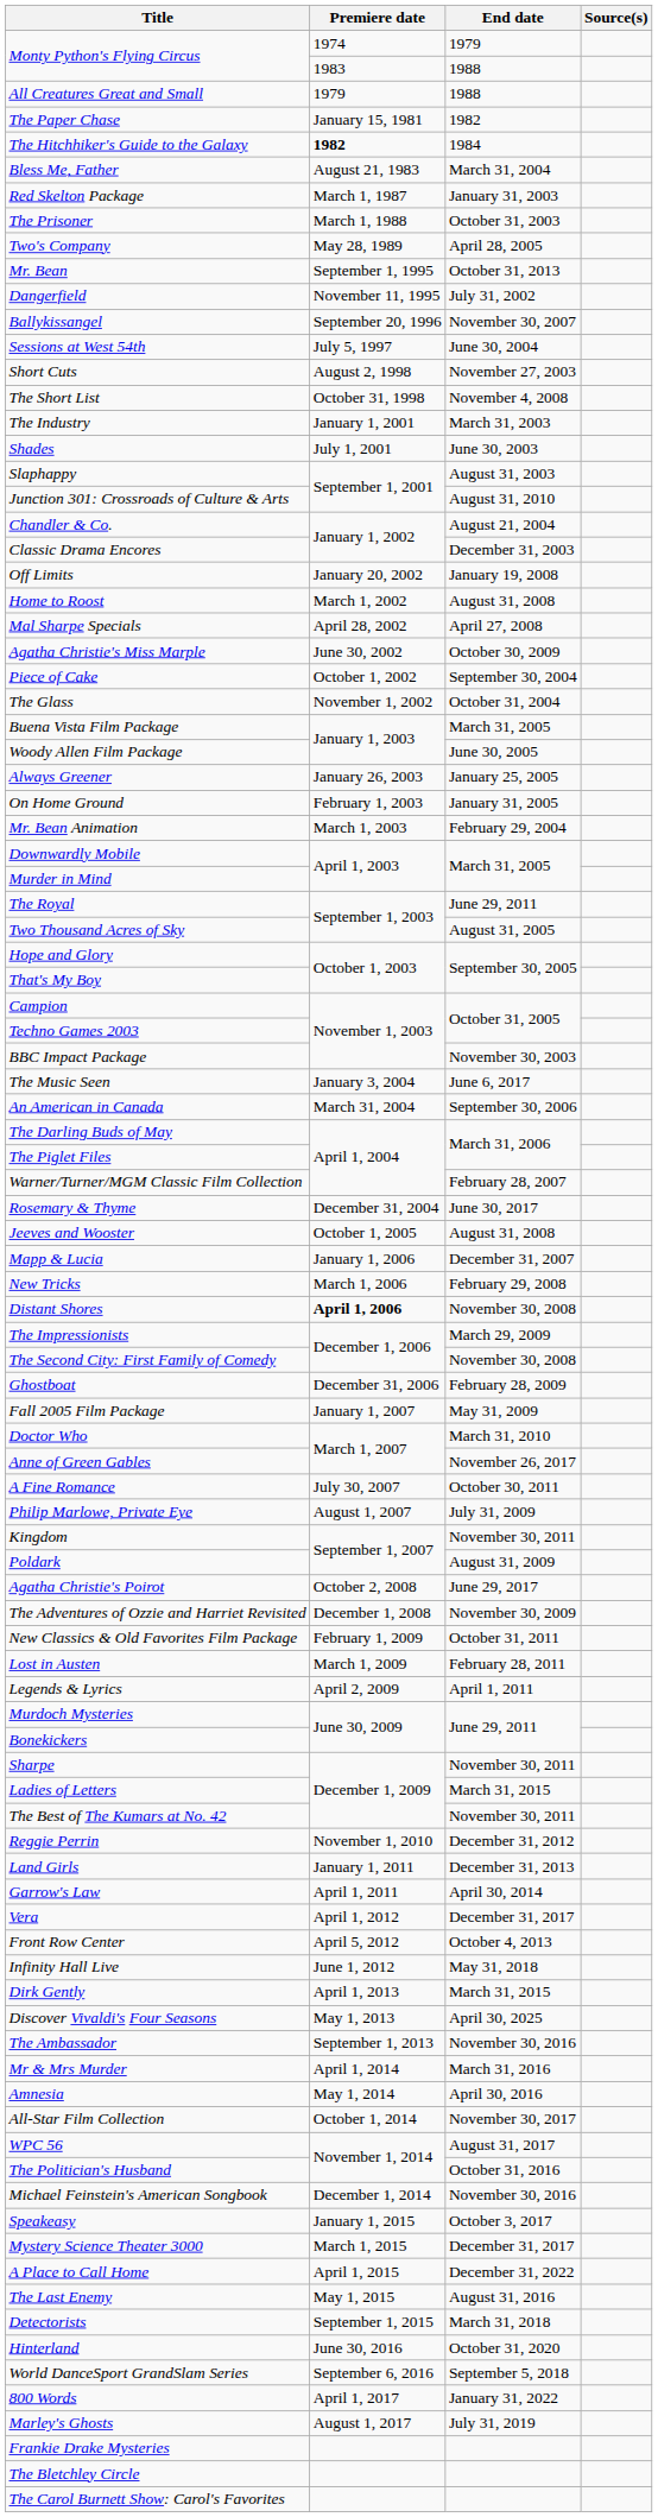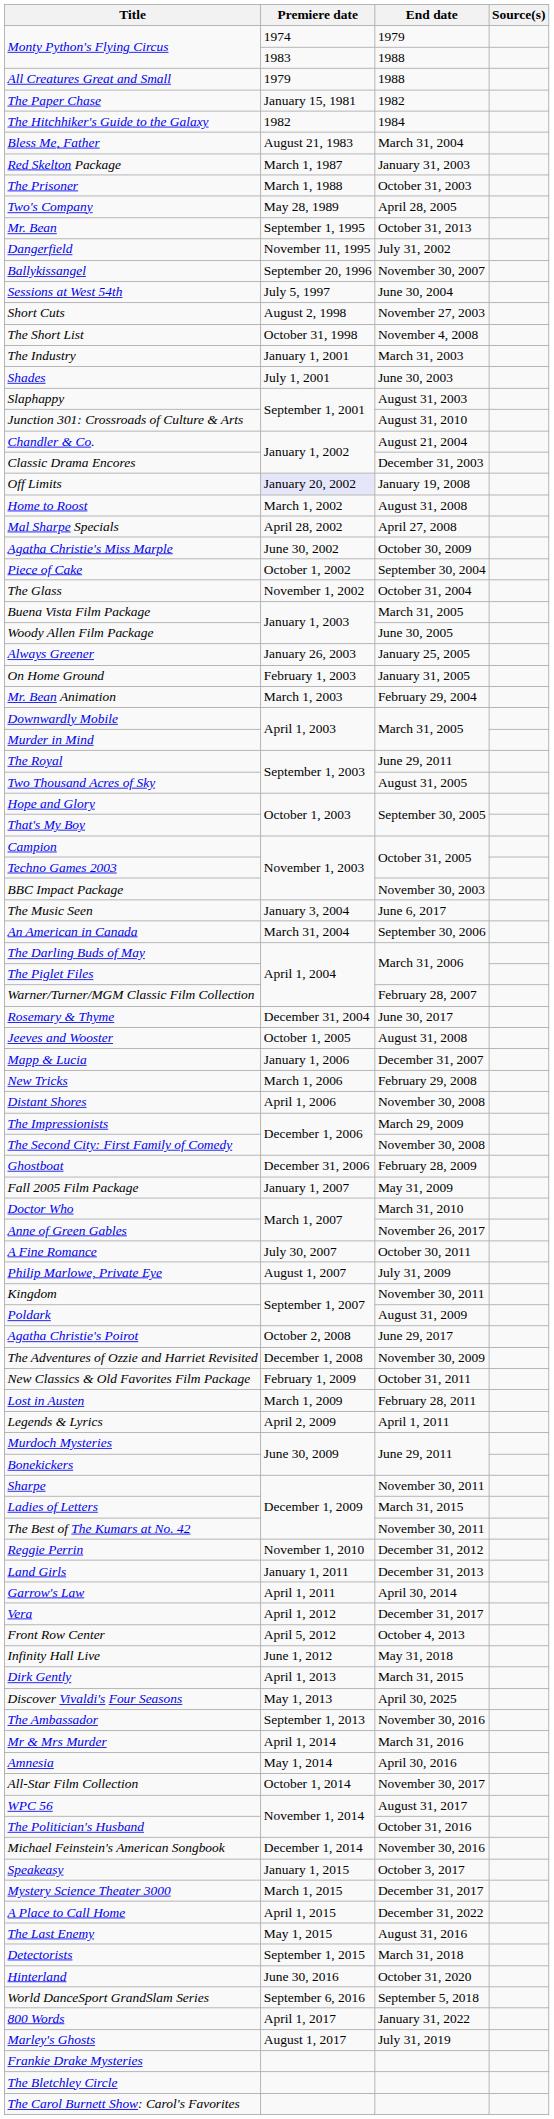 <table class="wikitable sortable">
 <tr>
 <th>Title</th>
 <th>Premiere date</th>
 <th>End date</th>
 <th>Source(s)</th>
 </tr>
 <tr>
 <td rowspan="2"><em><a href='#'>Monty Python's Flying Circus</a></em></td>
 <td>1974</td>
 <td>1979</td>
 <td></td>
 </tr>
 <tr>
 <td>1983</td>
 <td>1988</td>
 <td></td>
 </tr>
 <tr>
 <td><em><a href='#'>All Creatures Great and Small</a></em></td>
 <td>1979</td>
 <td>1988</td>
 <td></td>
 </tr>
 <tr>
 <td><em><a href='#'>The Paper Chase</a></em></td>
 <td>January 15, 1981</td>
 <td>1982</td>
 <td></td>
 </tr>
 <tr>
 <td><em><a href='#'>The Hitchhiker's Guide to the Galaxy</a></em></td>
-<td><strong>1982</strong></td>
+<td>1982</td>
 <td>1984</td>
 <td></td>
 </tr>
 <tr>
 <td><em><a href='#'>Bless Me, Father</a></em></td>
 <td>August 21, 1983</td>
 <td>March 31, 2004</td>
 <td></td>
 </tr>
 <tr>
 <td><em><a href='#'>Red Skelton</a> Package</em></td>
 <td>March 1, 1987</td>
 <td>January 31, 2003</td>
 <td></td>
 </tr>
 <tr>
 <td><em><a href='#'>The Prisoner</a></em></td>
 <td>March 1, 1988</td>
 <td>October 31, 2003</td>
 <td></td>
 </tr>
 <tr>
 <td><em><a href='#'>Two's Company</a></em></td>
 <td>May 28, 1989</td>
 <td>April 28, 2005</td>
 <td></td>
 </tr>
 <tr>
 <td><em><a href='#'>Mr. Bean</a></em></td>
 <td>September 1, 1995</td>
 <td>October 31, 2013</td>
 <td></td>
 </tr>
 <tr>
 <td><em><a href='#'>Dangerfield</a></em></td>
 <td>November 11, 1995</td>
 <td>July 31, 2002</td>
 <td></td>
 </tr>
 <tr>
 <td><em><a href='#'>Ballykissangel</a></em></td>
 <td>September 20, 1996</td>
 <td>November 30, 2007</td>
 <td></td>
 </tr>
 <tr>
 <td><em><a href='#'>Sessions at West 54th</a></em></td>
 <td>July 5, 1997</td>
 <td>June 30, 2004</td>
 <td></td>
 </tr>
 <tr>
 <td><em>Short Cuts</em></td>
 <td>August 2, 1998</td>
 <td>November 27, 2003</td>
 <td></td>
 </tr>
 <tr>
 <td><em>The Short List</em></td>
 <td>October 31, 1998</td>
 <td>November 4, 2008</td>
 <td></td>
 </tr>
 <tr>
 <td><em>The Industry</em></td>
 <td>January 1, 2001</td>
 <td>March 31, 2003</td>
 <td></td>
 </tr>
 <tr>
 <td><em><a href='#'>Shades</a></em></td>
 <td>July 1, 2001</td>
 <td>June 30, 2003</td>
 <td></td>
 </tr>
 <tr>
 <td><em>Slaphappy</em></td>
 <td rowspan="2">September 1, 2001</td>
 <td>August 31, 2003</td>
 <td></td>
 </tr>
 <tr>
 <td><em>Junction 301: Crossroads of Culture & Arts</em></td>
 <td>August 31, 2010</td>
 <td></td>
 </tr>
 <tr>
 <td><em><a href='#'>Chandler & Co</a>.</em></td>
 <td rowspan="2">January 1, 2002</td>
 <td>August 21, 2004</td>
 <td></td>
 </tr>
 <tr>
 <td><em>Classic Drama Encores</em></td>
 <td>December 31, 2003</td>
 <td></td>
 </tr>
 <tr>
 <td><em>Off Limits</em></td>
-<td>January 20, 2002</td>
+<td style="background: lavender;">January 20, 2002</td>
 <td>January 19, 2008</td>
 <td></td>
 </tr>
 <tr>
 <td><em><a href='#'>Home to Roost</a></em></td>
 <td>March 1, 2002</td>
 <td>August 31, 2008</td>
 <td></td>
 </tr>
 <tr>
 <td><em><a href='#'>Mal Sharpe</a> Specials</em></td>
 <td>April 28, 2002</td>
 <td>April 27, 2008</td>
 <td></td>
 </tr>
 <tr>
 <td><em><a href='#'>Agatha Christie's Miss Marple</a></em></td>
 <td>June 30, 2002</td>
 <td>October 30, 2009</td>
 <td></td>
 </tr>
 <tr>
 <td><em><a href='#'>Piece of Cake</a></em></td>
 <td>October 1, 2002</td>
 <td>September 30, 2004</td>
 <td></td>
 </tr>
 <tr>
 <td><em>The Glass</em></td>
 <td>November 1, 2002</td>
 <td>October 31, 2004</td>
 <td></td>
 </tr>
 <tr>
 <td><em>Buena Vista Film Package</em></td>
 <td rowspan="2">January 1, 2003</td>
 <td>March 31, 2005</td>
 <td></td>
 </tr>
 <tr>
 <td><em>Woody Allen Film Package</em></td>
 <td>June 30, 2005</td>
 <td></td>
 </tr>
 <tr>
 <td><em><a href='#'>Always Greener</a></em></td>
 <td>January 26, 2003</td>
 <td>January 25, 2005</td>
 <td></td>
 </tr>
 <tr>
 <td><em>On Home Ground</em></td>
 <td>February 1, 2003</td>
 <td>January 31, 2005</td>
 <td></td>
 </tr>
 <tr>
 <td><em><a href='#'>Mr. Bean</a> Animation</em></td>
 <td>March 1, 2003</td>
 <td>February 29, 2004</td>
 <td></td>
 </tr>
 <tr>
 <td><em><a href='#'>Downwardly Mobile</a></em></td>
 <td rowspan="2">April 1, 2003</td>
 <td rowspan="2">March 31, 2005</td>
 <td></td>
 </tr>
 <tr>
 <td><em><a href='#'>Murder in Mind</a></em></td>
 <td></td>
 </tr>
 <tr>
 <td><em><a href='#'>The Royal</a></em></td>
 <td rowspan="2">September 1, 2003</td>
 <td>June 29, 2011</td>
 <td></td>
 </tr>
 <tr>
 <td><em><a href='#'>Two Thousand Acres of Sky</a></em></td>
 <td>August 31, 2005</td>
 <td></td>
 </tr>
 <tr>
 <td><em><a href='#'>Hope and Glory</a></em></td>
 <td rowspan="2">October 1, 2003</td>
 <td rowspan="2">September 30, 2005</td>
 <td></td>
 </tr>
 <tr>
 <td><em><a href='#'>That's My Boy</a></em></td>
 <td></td>
 </tr>
 <tr>
 <td><em><a href='#'>Campion</a></em></td>
 <td rowspan="3">November 1, 2003</td>
 <td rowspan="2">October 31, 2005</td>
 <td></td>
 </tr>
 <tr>
 <td><em><a href='#'>Techno Games 2003</a></em></td>
 <td></td>
 </tr>
 <tr>
 <td><em>BBC Impact Package</em></td>
 <td>November 30, 2003</td>
 <td></td>
 </tr>
 <tr>
 <td><em>The Music Seen</em></td>
 <td>January 3, 2004</td>
 <td>June 6, 2017</td>
 <td></td>
 </tr>
 <tr>
 <td><em><a href='#'>An American in Canada</a></em></td>
 <td>March 31, 2004</td>
 <td>September 30, 2006</td>
 <td></td>
 </tr>
 <tr>
 <td><em><a href='#'>The Darling Buds of May</a></em></td>
 <td rowspan="3">April 1, 2004</td>
 <td rowspan="2">March 31, 2006</td>
 <td></td>
 </tr>
 <tr>
 <td><em><a href='#'>The Piglet Files</a></em></td>
 <td></td>
 </tr>
 <tr>
 <td><em>Warner/Turner/MGM Classic Film Collection</em></td>
 <td>February 28, 2007</td>
 <td></td>
 </tr>
 <tr>
 <td><em><a href='#'>Rosemary & Thyme</a></em></td>
 <td>December 31, 2004</td>
 <td>June 30, 2017</td>
 <td></td>
 </tr>
 <tr>
 <td><em><a href='#'>Jeeves and Wooster</a></em></td>
 <td>October 1, 2005</td>
 <td>August 31, 2008</td>
 <td></td>
 </tr>
 <tr>
 <td><em><a href='#'>Mapp & Lucia</a></em></td>
 <td>January 1, 2006</td>
 <td>December 31, 2007</td>
 <td></td>
 </tr>
 <tr>
 <td><em><a href='#'>New Tricks</a></em></td>
 <td>March 1, 2006</td>
 <td>February 29, 2008</td>
 <td></td>
 </tr>
 <tr>
 <td><em><a href='#'>Distant Shores</a></em></td>
-<td><strong>April 1, 2006</strong></td>
+<td>April 1, 2006</td>
 <td>November 30, 2008</td>
 <td></td>
 </tr>
 <tr>
 <td><em><a href='#'>The Impressionists</a></em></td>
 <td rowspan="2">December 1, 2006</td>
 <td>March 29, 2009</td>
 <td></td>
 </tr>
 <tr>
 <td><em><a href='#'>The Second City: First Family of Comedy</a></em></td>
 <td>November 30, 2008</td>
 <td></td>
 </tr>
 <tr>
 <td><em><a href='#'>Ghostboat</a></em></td>
 <td>December 31, 2006</td>
 <td>February 28, 2009</td>
 <td></td>
 </tr>
 <tr>
 <td><em>Fall 2005 Film Package</em></td>
 <td>January 1, 2007</td>
 <td>May 31, 2009</td>
 <td></td>
 </tr>
 <tr>
 <td><em><a href='#'>Doctor Who</a></em></td>
 <td rowspan="2">March 1, 2007</td>
 <td>March 31, 2010</td>
 <td></td>
 </tr>
 <tr>
 <td><em><a href='#'>Anne of Green Gables</a></em></td>
 <td>November 26, 2017</td>
 <td></td>
 </tr>
 <tr>
 <td><em><a href='#'>A Fine Romance</a></em></td>
 <td>July 30, 2007</td>
 <td>October 30, 2011</td>
 <td></td>
 </tr>
 <tr>
 <td><em><a href='#'>Philip Marlowe, Private Eye</a></em></td>
 <td>August 1, 2007</td>
 <td>July 31, 2009</td>
 <td></td>
 </tr>
 <tr>
 <td><em>Kingdom</em></td>
 <td rowspan="2">September 1, 2007</td>
 <td>November 30, 2011</td>
 <td></td>
 </tr>
 <tr>
 <td><em><a href='#'>Poldark</a></em></td>
 <td>August 31, 2009</td>
 <td></td>
 </tr>
 <tr>
 <td><em><a href='#'>Agatha Christie's Poirot</a></em></td>
 <td>October 2, 2008</td>
 <td>June 29, 2017</td>
 <td></td>
 </tr>
 <tr>
 <td><em>The Adventures of Ozzie and Harriet Revisited</em></td>
 <td>December 1, 2008</td>
 <td>November 30, 2009</td>
 <td></td>
 </tr>
 <tr>
 <td><em>New Classics & Old Favorites Film Package</em></td>
 <td>February 1, 2009</td>
 <td>October 31, 2011</td>
 <td></td>
 </tr>
 <tr>
 <td><em><a href='#'>Lost in Austen</a></em></td>
 <td>March 1, 2009</td>
 <td>February 28, 2011</td>
 <td></td>
 </tr>
 <tr>
 <td><em>Legends & Lyrics</em></td>
 <td>April 2, 2009</td>
 <td>April 1, 2011</td>
 <td></td>
 </tr>
 <tr>
 <td><em><a href='#'>Murdoch Mysteries</a></em></td>
 <td rowspan="2">June 30, 2009</td>
 <td rowspan="2">June 29, 2011</td>
 <td></td>
 </tr>
 <tr>
 <td><em><a href='#'>Bonekickers</a></em></td>
 <td></td>
 </tr>
 <tr>
 <td><em><a href='#'>Sharpe</a></em></td>
 <td rowspan="3">December 1, 2009</td>
 <td>November 30, 2011</td>
 <td></td>
 </tr>
 <tr>
 <td><em><a href='#'>Ladies of Letters</a></em></td>
 <td>March 31, 2015</td>
 <td></td>
 </tr>
 <tr>
 <td><em>The Best of <a href='#'>The Kumars at No. 42</a></em></td>
 <td>November 30, 2011</td>
 <td></td>
 </tr>
 <tr>
 <td><em><a href='#'>Reggie Perrin</a></em></td>
 <td>November 1, 2010</td>
 <td>December 31, 2012</td>
 <td></td>
 </tr>
 <tr>
 <td><em><a href='#'>Land Girls</a></em></td>
 <td>January 1, 2011</td>
 <td>December 31, 2013</td>
 <td></td>
 </tr>
 <tr>
 <td><em><a href='#'>Garrow's Law</a></em></td>
 <td>April 1, 2011</td>
 <td>April 30, 2014</td>
 <td></td>
 </tr>
 <tr>
 <td><em><a href='#'>Vera</a></em></td>
 <td>April 1, 2012</td>
 <td>December 31, 2017</td>
 <td></td>
 </tr>
 <tr>
 <td><em>Front Row Center</em></td>
 <td>April 5, 2012</td>
 <td>October 4, 2013</td>
 <td></td>
 </tr>
 <tr>
 <td><em>Infinity Hall Live</em></td>
 <td>June 1, 2012</td>
 <td>May 31, 2018</td>
 <td></td>
 </tr>
 <tr>
 <td><em><a href='#'>Dirk Gently</a></em></td>
 <td>April 1, 2013</td>
 <td>March 31, 2015</td>
 <td></td>
 </tr>
 <tr>
 <td><em>Discover <a href='#'>Vivaldi's</a> <a href='#'>Four Seasons</a></em></td>
 <td>May 1, 2013</td>
 <td>April 30, 2025</td>
 <td></td>
 </tr>
 <tr>
 <td><em><a href='#'>The Ambassador</a></em></td>
 <td>September 1, 2013</td>
 <td>November 30, 2016</td>
 <td></td>
 </tr>
 <tr>
 <td><em><a href='#'>Mr & Mrs Murder</a></em></td>
 <td>April 1, 2014</td>
 <td>March 31, 2016</td>
 <td></td>
 </tr>
 <tr>
 <td><em><a href='#'>Amnesia</a></em></td>
 <td>May 1, 2014</td>
 <td>April 30, 2016</td>
 <td></td>
 </tr>
 <tr>
 <td><em>All-Star Film Collection</em></td>
 <td>October 1, 2014</td>
 <td>November 30, 2017</td>
 <td></td>
 </tr>
 <tr>
 <td><em><a href='#'>WPC 56</a></em></td>
 <td rowspan="2">November 1, 2014</td>
 <td>August 31, 2017</td>
 <td></td>
 </tr>
 <tr>
 <td><em><a href='#'>The Politician's Husband</a></em></td>
 <td>October 31, 2016</td>
 <td></td>
 </tr>
 <tr>
 <td><em>Michael Feinstein's American Songbook</em></td>
 <td>December 1, 2014</td>
 <td>November 30, 2016</td>
 <td></td>
 </tr>
 <tr>
 <td><em><a href='#'>Speakeasy</a></em></td>
 <td>January 1, 2015</td>
 <td>October 3, 2017</td>
 <td></td>
 </tr>
 <tr>
 <td><em><a href='#'>Mystery Science Theater 3000</a></em></td>
 <td>March 1, 2015</td>
 <td>December 31, 2017</td>
 <td></td>
 </tr>
 <tr>
 <td><em><a href='#'>A Place to Call Home</a></em></td>
 <td>April 1, 2015</td>
 <td>December 31, 2022</td>
 <td></td>
 </tr>
 <tr>
 <td><em><a href='#'>The Last Enemy</a></em></td>
 <td>May 1, 2015</td>
 <td>August 31, 2016</td>
 <td></td>
 </tr>
 <tr>
 <td><em><a href='#'>Detectorists</a></em></td>
 <td>September 1, 2015</td>
 <td>March 31, 2018</td>
 <td></td>
 </tr>
 <tr>
 <td><em><a href='#'>Hinterland</a></em></td>
 <td>June 30, 2016</td>
 <td>October 31, 2020</td>
 <td></td>
 </tr>
 <tr>
 <td><em>World DanceSport GrandSlam Series</em></td>
 <td>September 6, 2016</td>
 <td>September 5, 2018</td>
 <td></td>
 </tr>
 <tr>
 <td><em><a href='#'>800 Words</a></em></td>
 <td>April 1, 2017</td>
 <td>January 31, 2022</td>
 <td></td>
 </tr>
 <tr>
 <td><em><a href='#'>Marley's Ghosts</a></em></td>
 <td>August 1, 2017</td>
 <td>July 31, 2019</td>
 <td></td>
 </tr>
 <tr>
 <td><em><a href='#'>Frankie Drake Mysteries</a></em></td>
 <td></td>
 <td></td>
 <td></td>
 </tr>
 <tr>
 <td><em><a href='#'>The Bletchley Circle</a></em></td>
 <td></td>
 <td></td>
 <td></td>
 </tr>
 <tr>
 <td><em><a href='#'>The Carol Burnett Show</a>: Carol's Favorites</em></td>
 <td></td>
 <td></td>
 <td></td>
 </tr>
 </table>
